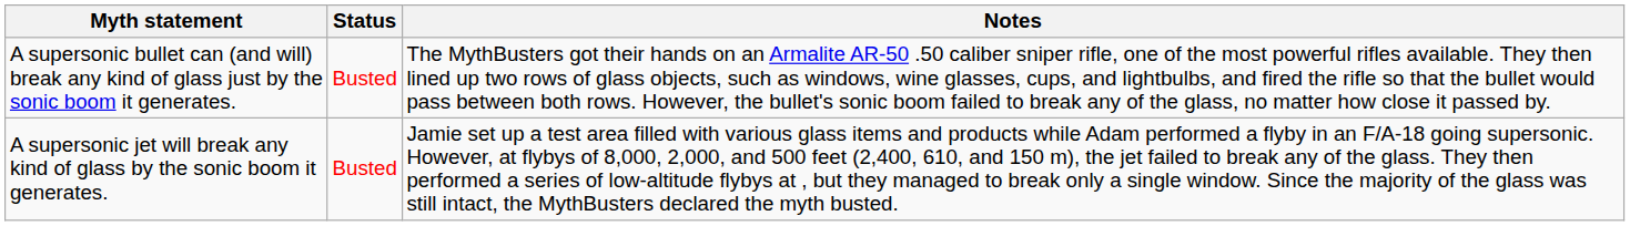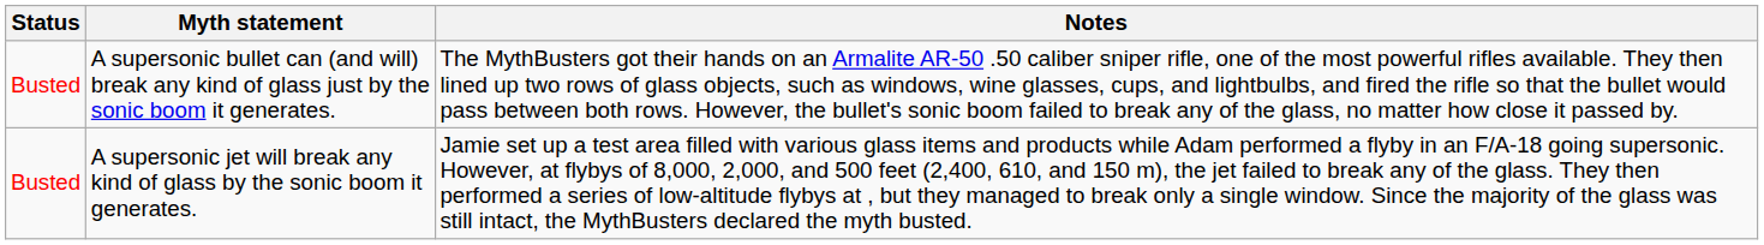 <table class="wikitable plainrowheaders">
 <tr>
+<th>Status</th>
 <th>Myth statement</th>
-<th>Status</th>
 <th>Notes</th>
 </tr>
 <tr>
+<td style="color:red">Busted</td>
 <td>A supersonic bullet can (and will) break any kind of glass just by the <a href='#'>sonic boom</a> it generates.</td>
-<td style="color:red">Busted</td>
 <td>The MythBusters got their hands on an <a href='#'>Armalite AR-50</a> .50 caliber sniper rifle, one of the most powerful rifles available. They then lined up two rows of glass objects, such as windows, wine glasses, cups, and lightbulbs, and fired the rifle so that the bullet would pass between both rows. However, the bullet's sonic boom failed to break any of the glass, no matter how close it passed by.</td>
 </tr>
 <tr>
+<td style="color:red">Busted</td>
 <td>A supersonic jet will break any kind of glass by the sonic boom it generates.</td>
-<td style="color:red">Busted</td>
 <td>Jamie set up a test area filled with various glass items and products while Adam performed a flyby in an F/A-18 going supersonic. However, at flybys of 8,000, 2,000, and 500 feet (2,400, 610, and 150 m), the jet failed to break any of the glass. They then performed a series of low-altitude flybys at , but they managed to break only a single window. Since the majority of the glass was still intact, the MythBusters declared the myth busted.</td>
 </tr>
 </table>
